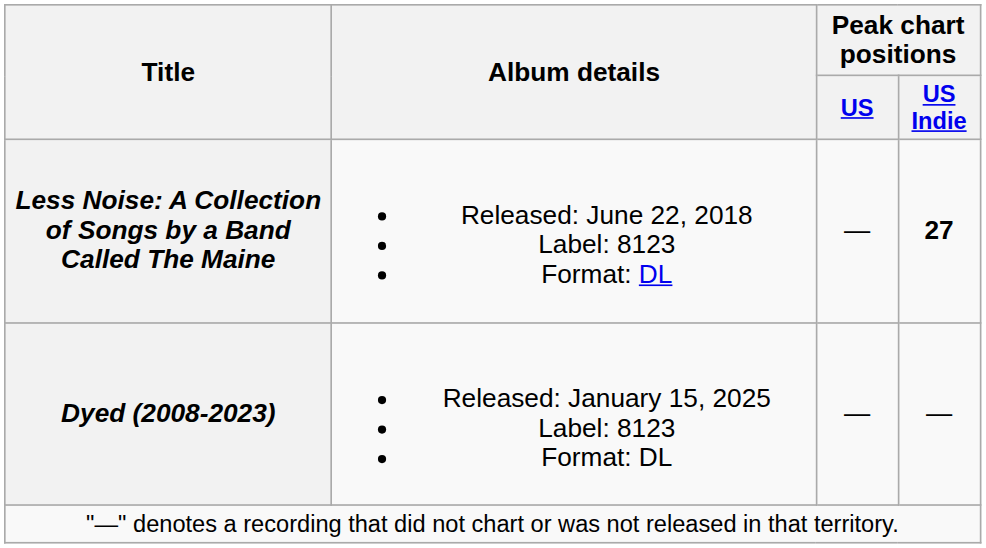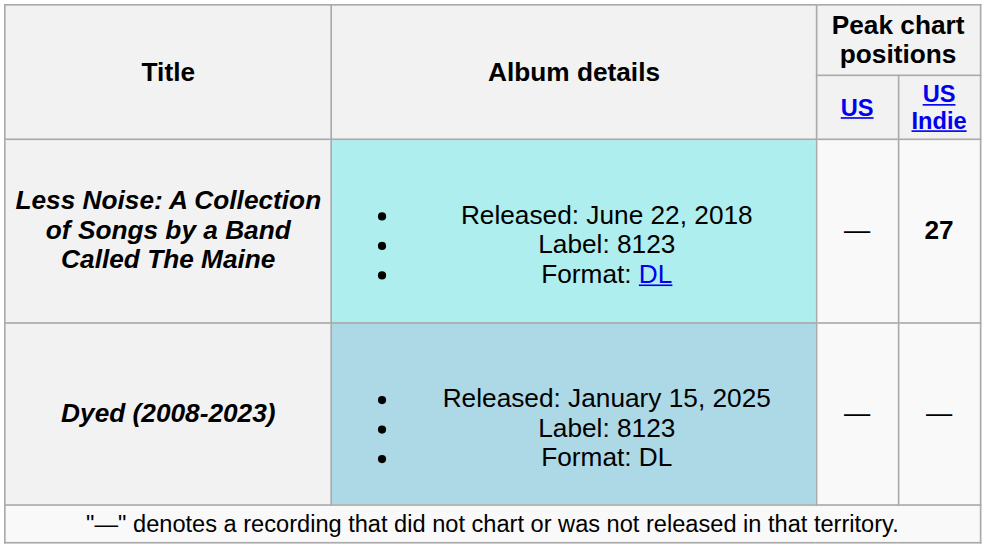 <table class="wikitable plainrowheaders" style="text-align:center;">
 <tr>
 <th scope="col" rowspan="2" style="width:12em;">Title</th>
 <th scope="col" rowspan="2" style="width:18em;">Album details</th>
 <th scope="col" colspan="4">Peak chart positions</th>
 </tr>
 <tr>
 <th scope="col" style="width:3em;font-size:90%;"><a href='#'>US</a><br></th>
 <th scope="col" style="width:3em;font-size:90%;"><a href='#'>US Indie</a><br></th>
 </tr>
 <tr>
 <th scope="row"><em>Less Noise: A Collection of Songs by a Band Called The Maine</em></th>
-<td><br><ul><li>Released: June 22, 2018</li><li>Label: 8123</li><li>Format: <a href='#'>DL</a></li></ul></td>
+<td style="background: paleturquoise;"><br><ul><li>Released: June 22, 2018</li><li>Label: 8123</li><li>Format: <a href='#'>DL</a></li></ul></td>
 <td>—</td>
 <td><strong>27</strong></td>
 </tr>
 <tr>
 <th scope="row"><em>Dyed (2008-2023)</em></th>
-<td><br><ul><li>Released: January 15, 2025</li><li>Label: 8123</li><li>Format: DL</li></ul></td>
+<td style="background: lightblue;"><br><ul><li>Released: January 15, 2025</li><li>Label: 8123</li><li>Format: DL</li></ul></td>
 <td>—</td>
 <td>—</td>
 </tr>
 <tr>
 <td colspan="8" style="font-size:90%">"—" denotes a recording that did not chart or was not released in that territory.</td>
 </tr>
 </table>
